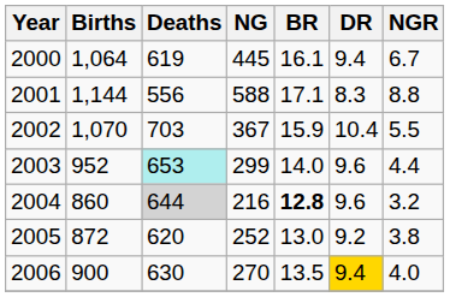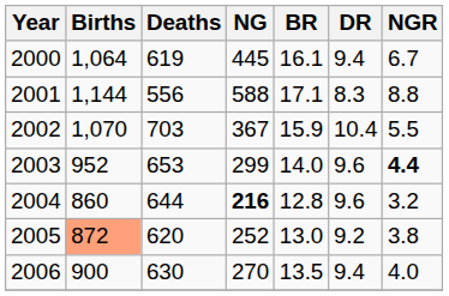 <table class="wikitable">
 <tr>
 <th>Year</th>
 <th>Births</th>
 <th>Deaths</th>
 <th>NG</th>
 <th>BR</th>
 <th>DR</th>
 <th>NGR</th>
 </tr>
 <tr --->
 <td>2000</td>
 <td>1,064</td>
 <td>619</td>
 <td>445</td>
 <td>16.1</td>
 <td>9.4</td>
 <td>6.7</td>
 </tr>
 <tr --->
 <td>2001</td>
 <td>1,144</td>
 <td>556</td>
 <td>588</td>
 <td>17.1</td>
 <td>8.3</td>
 <td>8.8</td>
 </tr>
 <tr --->
 <td>2002</td>
 <td>1,070</td>
 <td>703</td>
 <td>367</td>
 <td>15.9</td>
 <td>10.4</td>
 <td>5.5</td>
 </tr>
 <tr --->
 <td>2003</td>
 <td>952</td>
-<td style="background: paleturquoise;">653</td>
+<td>653</td>
 <td>299</td>
 <td>14.0</td>
 <td>9.6</td>
-<td>4.4</td>
+<td><strong>4.4</strong></td>
 </tr>
 <tr --->
 <td>2004</td>
 <td>860</td>
-<td style="background: lightgrey;">644</td>
-<td>216</td>
-<td><strong>12.8</strong></td>
+<td>644</td>
+<td><strong>216</strong></td>
+<td>12.8</td>
 <td>9.6</td>
 <td>3.2</td>
 </tr>
 <tr --->
 <td>2005</td>
-<td>872</td>
+<td style="background: lightsalmon;">872</td>
 <td>620</td>
 <td>252</td>
 <td>13.0</td>
 <td>9.2</td>
 <td>3.8</td>
 </tr>
 <tr --->
 <td>2006</td>
 <td>900</td>
 <td>630</td>
 <td>270</td>
 <td>13.5</td>
-<td style="background: gold;">9.4</td>
+<td>9.4</td>
 <td>4.0</td>
 </tr>
 <tr --->
 </tr>
 </table>
